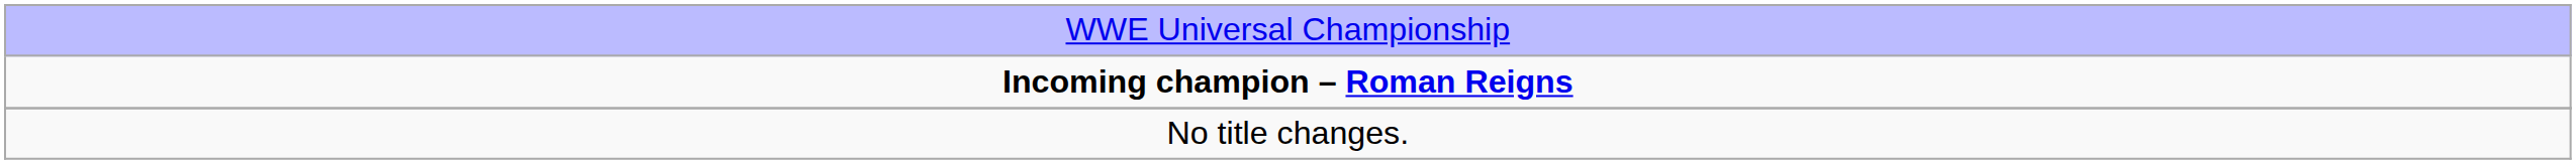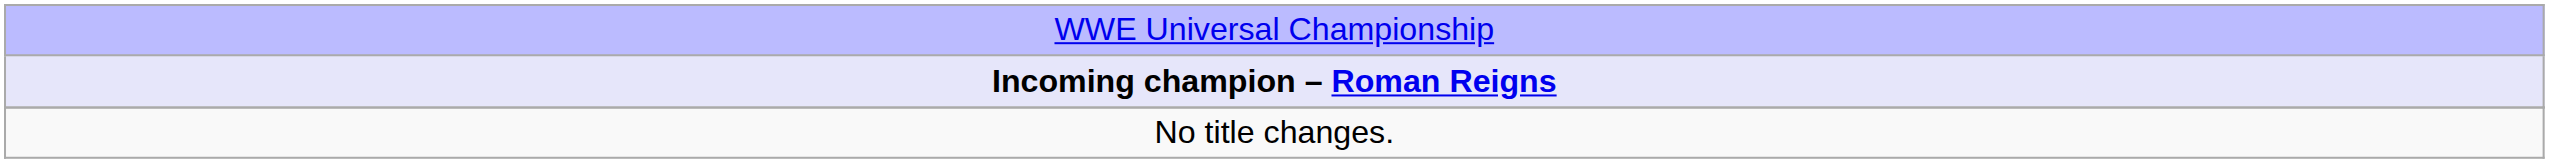 <table class="wikitable" style="text-align:center; width:100%;">
 <tr style="background:#BBF;">
 <td><a href='#'>WWE Universal Championship</a></td>
 </tr>
 <tr>
-<td><strong>Incoming champion – <a href='#'>Roman Reigns</a></strong></td>
+<td style="background: lavender;"><strong>Incoming champion – <a href='#'>Roman Reigns</a></strong></td>
 </tr>
 <tr>
 </tr>
 <tr>
 <td>No title changes.</td>
 </tr>
 </table>
